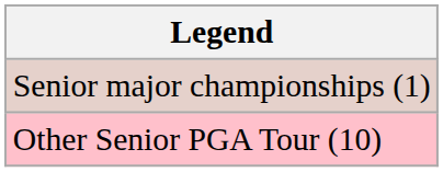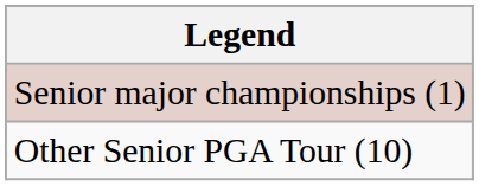 <table class="wikitable" style="font-size:95%;">
 <tr>
 <th>Legend</th>
 </tr>
 <tr style="background:#e5d1cb;">
 <td>Senior major championships (1)</td>
 </tr>
 <tr>
-<td style="background: pink;">Other Senior PGA Tour (10)</td>
+<td>Other Senior PGA Tour (10)</td>
 </tr>
 </table>
